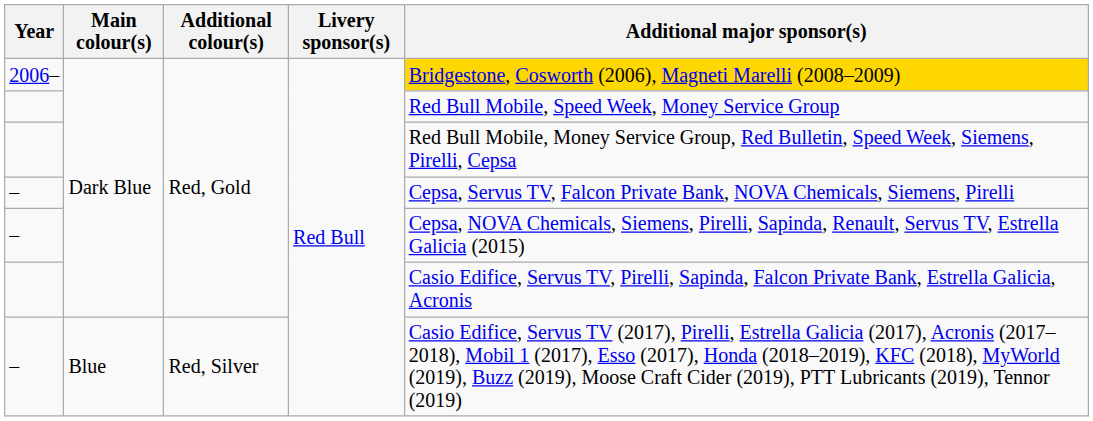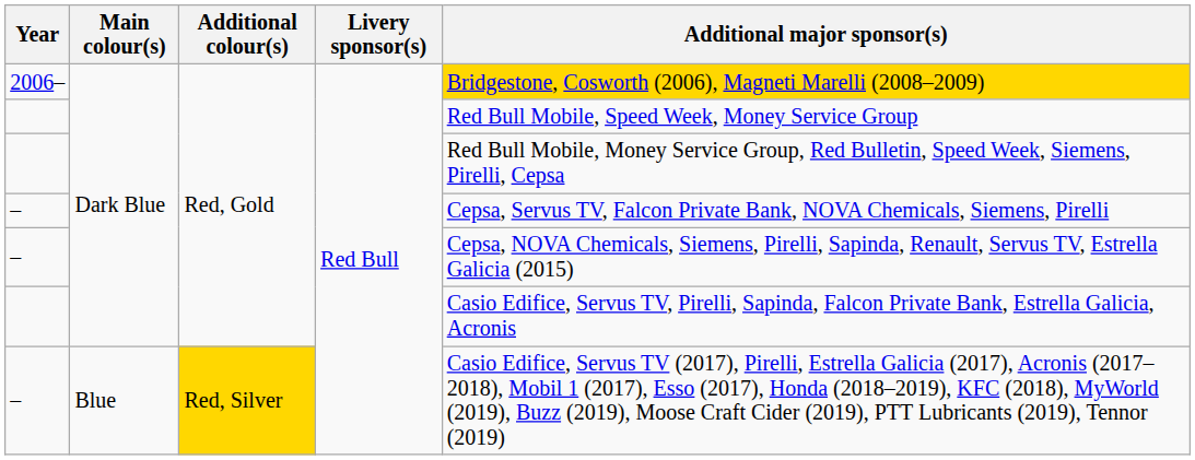 <table class="wikitable">
 <tr>
 <th>Year</th>
 <th>Main colour(s)</th>
 <th>Additional colour(s)</th>
 <th>Livery sponsor(s)</th>
 <th>Additional major sponsor(s)</th>
 </tr>
 <tr>
 <td><a href='#'>2006</a>–</td>
 <td rowspan=6>Dark Blue</td>
 <td rowspan=6>Red, Gold</td>
 <td rowspan=7><a href='#'>Red Bull</a></td>
 <td style="background: gold;"><a href='#'>Bridgestone</a>, <a href='#'>Cosworth</a> (2006), <a href='#'>Magneti Marelli</a> (2008–2009)</td>
 </tr>
 <tr>
 <td></td>
 <td><a href='#'>Red Bull Mobile</a>, <a href='#'>Speed Week</a>, <a href='#'>Money Service Group</a></td>
 </tr>
 <tr>
 <td></td>
 <td>Red Bull Mobile, Money Service Group, <a href='#'>Red Bulletin</a>, <a href='#'>Speed Week</a>, <a href='#'>Siemens</a>, <a href='#'>Pirelli</a>, <a href='#'>Cepsa</a></td>
 </tr>
 <tr>
 <td>–</td>
 <td><a href='#'>Cepsa</a>, <a href='#'>Servus TV</a>, <a href='#'>Falcon Private Bank</a>, <a href='#'>NOVA Chemicals</a>, <a href='#'>Siemens</a>, <a href='#'>Pirelli</a></td>
 </tr>
 <tr>
 <td>–</td>
 <td><a href='#'>Cepsa</a>, <a href='#'>NOVA Chemicals</a>, <a href='#'>Siemens</a>, <a href='#'>Pirelli</a>, <a href='#'>Sapinda</a>, <a href='#'>Renault</a>, <a href='#'>Servus TV</a>, <a href='#'>Estrella Galicia</a> (2015)</td>
 </tr>
 <tr>
 <td></td>
 <td><a href='#'>Casio Edifice</a>, <a href='#'>Servus TV</a>, <a href='#'>Pirelli</a>, <a href='#'>Sapinda</a>, <a href='#'>Falcon Private Bank</a>, <a href='#'>Estrella Galicia</a>, <a href='#'>Acronis</a></td>
 </tr>
 <tr>
 <td>–</td>
 <td rowspan=1>Blue</td>
-<td rowspan=1>Red, Silver</td>
+<td rowspan=1 style="background: gold;">Red, Silver</td>
 <td rowspan=1><a href='#'>Casio Edifice</a>, <a href='#'>Servus TV</a> (2017), <a href='#'>Pirelli</a>, <a href='#'>Estrella Galicia</a> (2017), <a href='#'>Acronis</a> (2017–2018), <a href='#'>Mobil 1</a> (2017), <a href='#'>Esso</a> (2017), <a href='#'>Honda</a> (2018–2019), <a href='#'>KFC</a> (2018), <a href='#'>MyWorld</a> (2019), <a href='#'>Buzz</a> (2019), Moose Craft Cider (2019), PTT Lubricants (2019), Tennor (2019)</td>
 </tr>
 </table>
